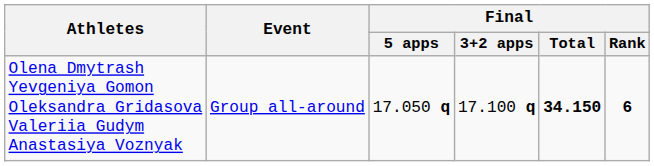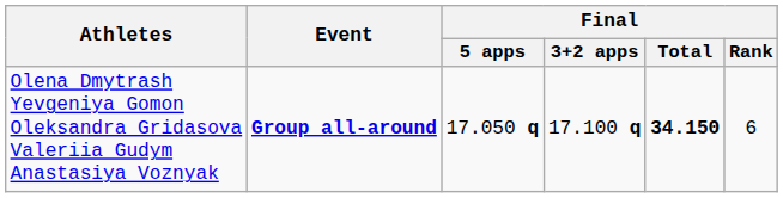 <table class="wikitable" style="font-size:90%">
 <tr>
 <th rowspan="2">Athletes</th>
 <th rowspan="2">Event</th>
 <th colspan="4">Final</th>
 </tr>
 <tr style="font-size:95%">
 <th>5 apps</th>
 <th>3+2 apps</th>
 <th>Total</th>
 <th>Rank</th>
 </tr>
 <tr align=center>
 <td align=left><a href='#'>Olena Dmytrash</a><br><a href='#'>Yevgeniya Gomon</a><br><a href='#'>Oleksandra Gridasova</a><br><a href='#'>Valeriia Gudym</a><br><a href='#'>Anastasiya Voznyak</a></td>
-<td align=left><a href='#'>Group all-around</a></td>
+<td align=left><strong><a href='#'>Group all-around</a></strong></td>
 <td>17.050 <strong>q</strong></td>
 <td>17.100 <strong>q</strong></td>
 <td><strong>34.150</strong></td>
-<td><strong>6</strong></td>
+<td>6</td>
 </tr>
 </table>
